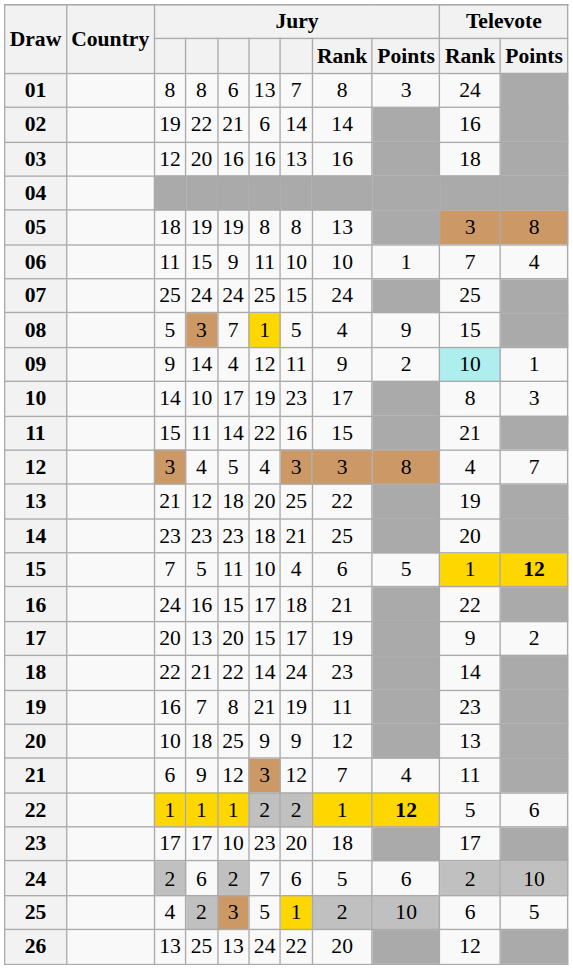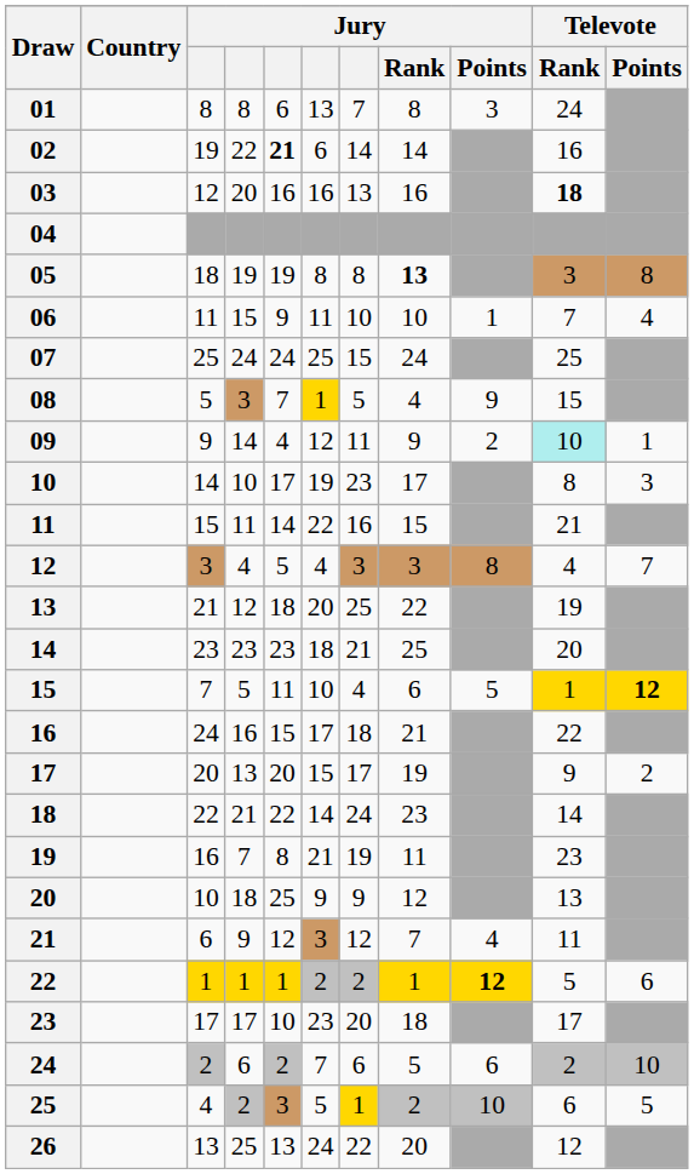 <table class="sortable wikitable collapsible plainrowheaders" style="text-align:center;">
 <tr>
 </tr>
 <tr>
 <th scope="col" rowspan="2">Draw</th>
 <th scope="col" rowspan="2">Country</th>
 <th scope="col" colspan="7">Jury</th>
 <th scope="col" colspan="2">Televote</th>
 </tr>
 <tr>
 <th scope="col"><small></small></th>
 <th scope="col"><small></small></th>
 <th scope="col"><small></small></th>
 <th scope="col"><small></small></th>
 <th scope="col"><small></small></th>
 <th scope="col">Rank</th>
 <th scope="col">Points</th>
 <th scope="col">Rank</th>
 <th scope="col">Points</th>
 </tr>
 <tr>
 <th scope="row" style="text-align:center;">01</th>
 <td style="text-align:left;"></td>
 <td>8</td>
 <td>8</td>
 <td>6</td>
 <td>13</td>
 <td>7</td>
 <td>8</td>
 <td>3</td>
 <td>24</td>
 <td style="background:#AAAAAA;"></td>
 </tr>
 <tr>
 <th scope="row" style="text-align:center;">02</th>
 <td style="text-align:left;"></td>
 <td>19</td>
 <td>22</td>
-<td>21</td>
+<td><strong>21</strong></td>
 <td>6</td>
 <td>14</td>
 <td>14</td>
 <td style="background:#AAAAAA;"></td>
 <td>16</td>
 <td style="background:#AAAAAA;"></td>
 </tr>
 <tr>
 <th scope="row" style="text-align:center;">03</th>
 <td style="text-align:left;"></td>
 <td>12</td>
 <td>20</td>
 <td>16</td>
 <td>16</td>
 <td>13</td>
 <td>16</td>
 <td style="background:#AAAAAA;"></td>
-<td>18</td>
+<td><strong>18</strong></td>
 <td style="background:#AAAAAA;"></td>
 </tr>
 <tr class="sortbottom">
 <th scope="row" style="text-align:center;">04</th>
 <td style="text-align:left;"></td>
 <td style="background:#AAAAAA;"></td>
 <td style="background:#AAAAAA;"></td>
 <td style="background:#AAAAAA;"></td>
 <td style="background:#AAAAAA;"></td>
 <td style="background:#AAAAAA;"></td>
 <td style="background:#AAAAAA;"></td>
 <td style="background:#AAAAAA;"></td>
 <td style="background:#AAAAAA;"></td>
 <td style="background:#AAAAAA;"></td>
 </tr>
 <tr>
 <th scope="row" style="text-align:center;">05</th>
 <td style="text-align:left;"></td>
 <td>18</td>
 <td>19</td>
 <td>19</td>
 <td>8</td>
 <td>8</td>
-<td>13</td>
+<td><strong>13</strong></td>
 <td style="background:#AAAAAA;"></td>
 <td style="background:#CC9966;">3</td>
 <td style="background:#CC9966;">8</td>
 </tr>
 <tr>
 <th scope="row" style="text-align:center;">06</th>
 <td style="text-align:left;"></td>
 <td>11</td>
 <td>15</td>
 <td>9</td>
 <td>11</td>
 <td>10</td>
 <td>10</td>
 <td>1</td>
 <td>7</td>
 <td>4</td>
 </tr>
 <tr>
 <th scope="row" style="text-align:center;">07</th>
 <td style="text-align:left;"></td>
 <td>25</td>
 <td>24</td>
 <td>24</td>
 <td>25</td>
 <td>15</td>
 <td>24</td>
 <td style="background:#AAAAAA;"></td>
 <td>25</td>
 <td style="background:#AAAAAA;"></td>
 </tr>
 <tr>
 <th scope="row" style="text-align:center;">08</th>
 <td style="text-align:left;"></td>
 <td>5</td>
 <td style="background:#CC9966;">3</td>
 <td>7</td>
 <td style="background:gold;">1</td>
 <td>5</td>
 <td>4</td>
 <td>9</td>
 <td>15</td>
 <td style="background:#AAAAAA;"></td>
 </tr>
 <tr>
 <th scope="row" style="text-align:center;">09</th>
 <td style="text-align:left;"></td>
 <td>9</td>
 <td>14</td>
 <td>4</td>
 <td>12</td>
 <td>11</td>
 <td>9</td>
 <td>2</td>
 <td style="background: paleturquoise;">10</td>
 <td>1</td>
 </tr>
 <tr>
 <th scope="row" style="text-align:center;">10</th>
 <td style="text-align:left;"></td>
 <td>14</td>
 <td>10</td>
 <td>17</td>
 <td>19</td>
 <td>23</td>
 <td>17</td>
 <td style="background:#AAAAAA;"></td>
 <td>8</td>
 <td>3</td>
 </tr>
 <tr>
 <th scope="row" style="text-align:center;">11</th>
 <td style="text-align:left;"></td>
 <td>15</td>
 <td>11</td>
 <td>14</td>
 <td>22</td>
 <td>16</td>
 <td>15</td>
 <td style="background:#AAAAAA;"></td>
 <td>21</td>
 <td style="background:#AAAAAA;"></td>
 </tr>
 <tr>
 <th scope="row" style="text-align:center;">12</th>
 <td style="text-align:left;"></td>
 <td style="background:#CC9966;">3</td>
 <td>4</td>
 <td>5</td>
 <td>4</td>
 <td style="background:#CC9966;">3</td>
 <td style="background:#CC9966;">3</td>
 <td style="background:#CC9966;">8</td>
 <td>4</td>
 <td>7</td>
 </tr>
 <tr>
 <th scope="row" style="text-align:center;">13</th>
 <td style="text-align:left;"></td>
 <td>21</td>
 <td>12</td>
 <td>18</td>
 <td>20</td>
 <td>25</td>
 <td>22</td>
 <td style="background:#AAAAAA;"></td>
 <td>19</td>
 <td style="background:#AAAAAA;"></td>
 </tr>
 <tr>
 <th scope="row" style="text-align:center;">14</th>
 <td style="text-align:left;"></td>
 <td>23</td>
 <td>23</td>
 <td>23</td>
 <td>18</td>
 <td>21</td>
 <td>25</td>
 <td style="background:#AAAAAA;"></td>
 <td>20</td>
 <td style="background:#AAAAAA;"></td>
 </tr>
 <tr>
 <th scope="row" style="text-align:center;">15</th>
 <td style="text-align:left;"></td>
 <td>7</td>
 <td>5</td>
 <td>11</td>
 <td>10</td>
 <td>4</td>
 <td>6</td>
 <td>5</td>
 <td style="background:gold;">1</td>
 <td style="background:gold;"><strong>12</strong></td>
 </tr>
 <tr>
 <th scope="row" style="text-align:center;">16</th>
 <td style="text-align:left;"></td>
 <td>24</td>
 <td>16</td>
 <td>15</td>
 <td>17</td>
 <td>18</td>
 <td>21</td>
 <td style="background:#AAAAAA;"></td>
 <td>22</td>
 <td style="background:#AAAAAA;"></td>
 </tr>
 <tr>
 <th scope="row" style="text-align:center;">17</th>
 <td style="text-align:left;"></td>
 <td>20</td>
 <td>13</td>
 <td>20</td>
 <td>15</td>
 <td>17</td>
 <td>19</td>
 <td style="background:#AAAAAA;"></td>
 <td>9</td>
 <td>2</td>
 </tr>
 <tr>
 <th scope="row" style="text-align:center;">18</th>
 <td style="text-align:left;"></td>
 <td>22</td>
 <td>21</td>
 <td>22</td>
 <td>14</td>
 <td>24</td>
 <td>23</td>
 <td style="background:#AAAAAA;"></td>
 <td>14</td>
 <td style="background:#AAAAAA;"></td>
 </tr>
 <tr>
 <th scope="row" style="text-align:center;">19</th>
 <td style="text-align:left;"></td>
 <td>16</td>
 <td>7</td>
 <td>8</td>
 <td>21</td>
 <td>19</td>
 <td>11</td>
 <td style="background:#AAAAAA;"></td>
 <td>23</td>
 <td style="background:#AAAAAA;"></td>
 </tr>
 <tr>
 <th scope="row" style="text-align:center;">20</th>
 <td style="text-align:left;"></td>
 <td>10</td>
 <td>18</td>
 <td>25</td>
 <td>9</td>
 <td>9</td>
 <td>12</td>
 <td style="background:#AAAAAA;"></td>
 <td>13</td>
 <td style="background:#AAAAAA;"></td>
 </tr>
 <tr>
 <th scope="row" style="text-align:center;">21</th>
 <td style="text-align:left;"></td>
 <td>6</td>
 <td>9</td>
 <td>12</td>
 <td style="background:#CC9966;">3</td>
 <td>12</td>
 <td>7</td>
 <td>4</td>
 <td>11</td>
 <td style="background:#AAAAAA;"></td>
 </tr>
 <tr>
 <th scope="row" style="text-align:center;">22</th>
 <td style="text-align:left;"></td>
 <td style="background:gold;">1</td>
 <td style="background:gold;">1</td>
 <td style="background:gold;">1</td>
 <td style="background:silver;">2</td>
 <td style="background:silver;">2</td>
 <td style="background:gold;">1</td>
 <td style="background:gold;"><strong>12</strong></td>
 <td>5</td>
 <td>6</td>
 </tr>
 <tr>
 <th scope="row" style="text-align:center;">23</th>
 <td style="text-align:left;"></td>
 <td>17</td>
 <td>17</td>
 <td>10</td>
 <td>23</td>
 <td>20</td>
 <td>18</td>
 <td style="background:#AAAAAA;"></td>
 <td>17</td>
 <td style="background:#AAAAAA;"></td>
 </tr>
 <tr>
 <th scope="row" style="text-align:center;">24</th>
 <td style="text-align:left;"></td>
 <td style="background:silver;">2</td>
 <td>6</td>
 <td style="background:silver;">2</td>
 <td>7</td>
 <td>6</td>
 <td>5</td>
 <td>6</td>
 <td style="background:silver;">2</td>
 <td style="background:silver;">10</td>
 </tr>
 <tr>
 <th scope="row" style="text-align:center;">25</th>
 <td style="text-align:left;"></td>
 <td>4</td>
 <td style="background:silver;">2</td>
 <td style="background:#CC9966;">3</td>
 <td>5</td>
 <td style="background:gold;">1</td>
 <td style="background:silver;">2</td>
 <td style="background:silver;">10</td>
 <td>6</td>
 <td>5</td>
 </tr>
 <tr>
 <th scope="row" style="text-align:center;">26</th>
 <td style="text-align:left;"></td>
 <td>13</td>
 <td>25</td>
 <td>13</td>
 <td>24</td>
 <td>22</td>
 <td>20</td>
 <td style="background:#AAAAAA;"></td>
 <td>12</td>
 <td style="background:#AAAAAA;"></td>
 </tr>
 </table>
